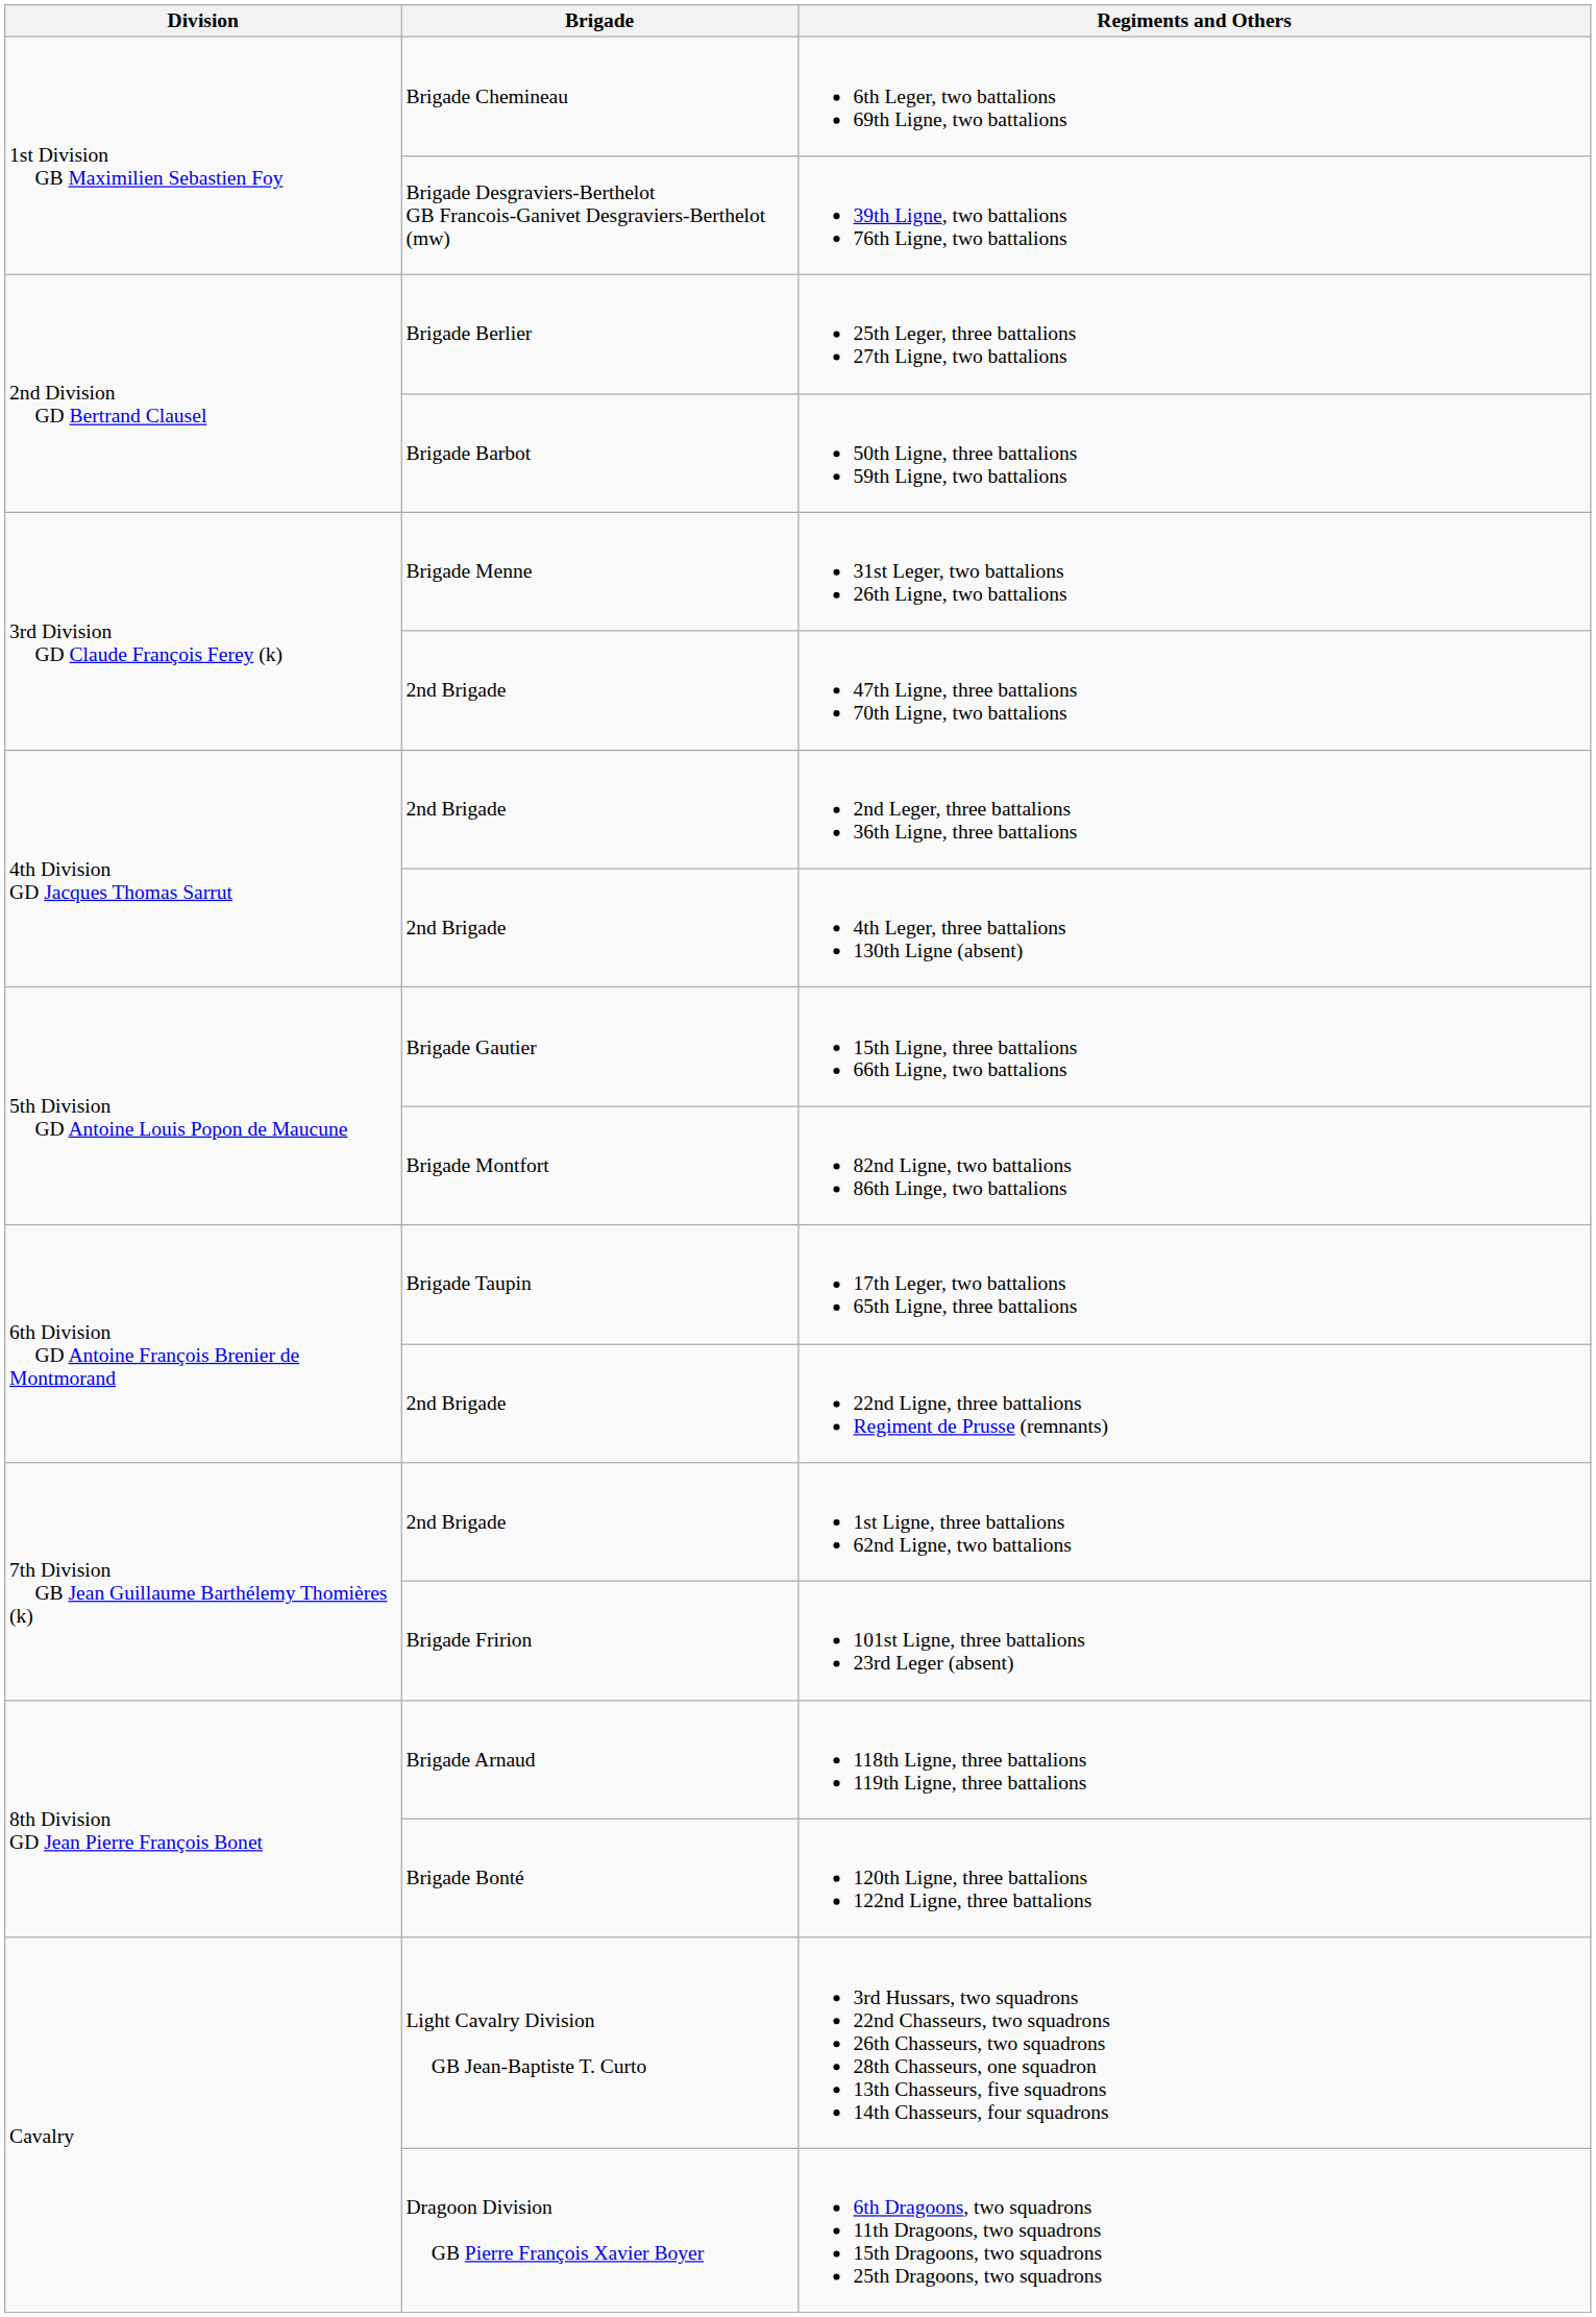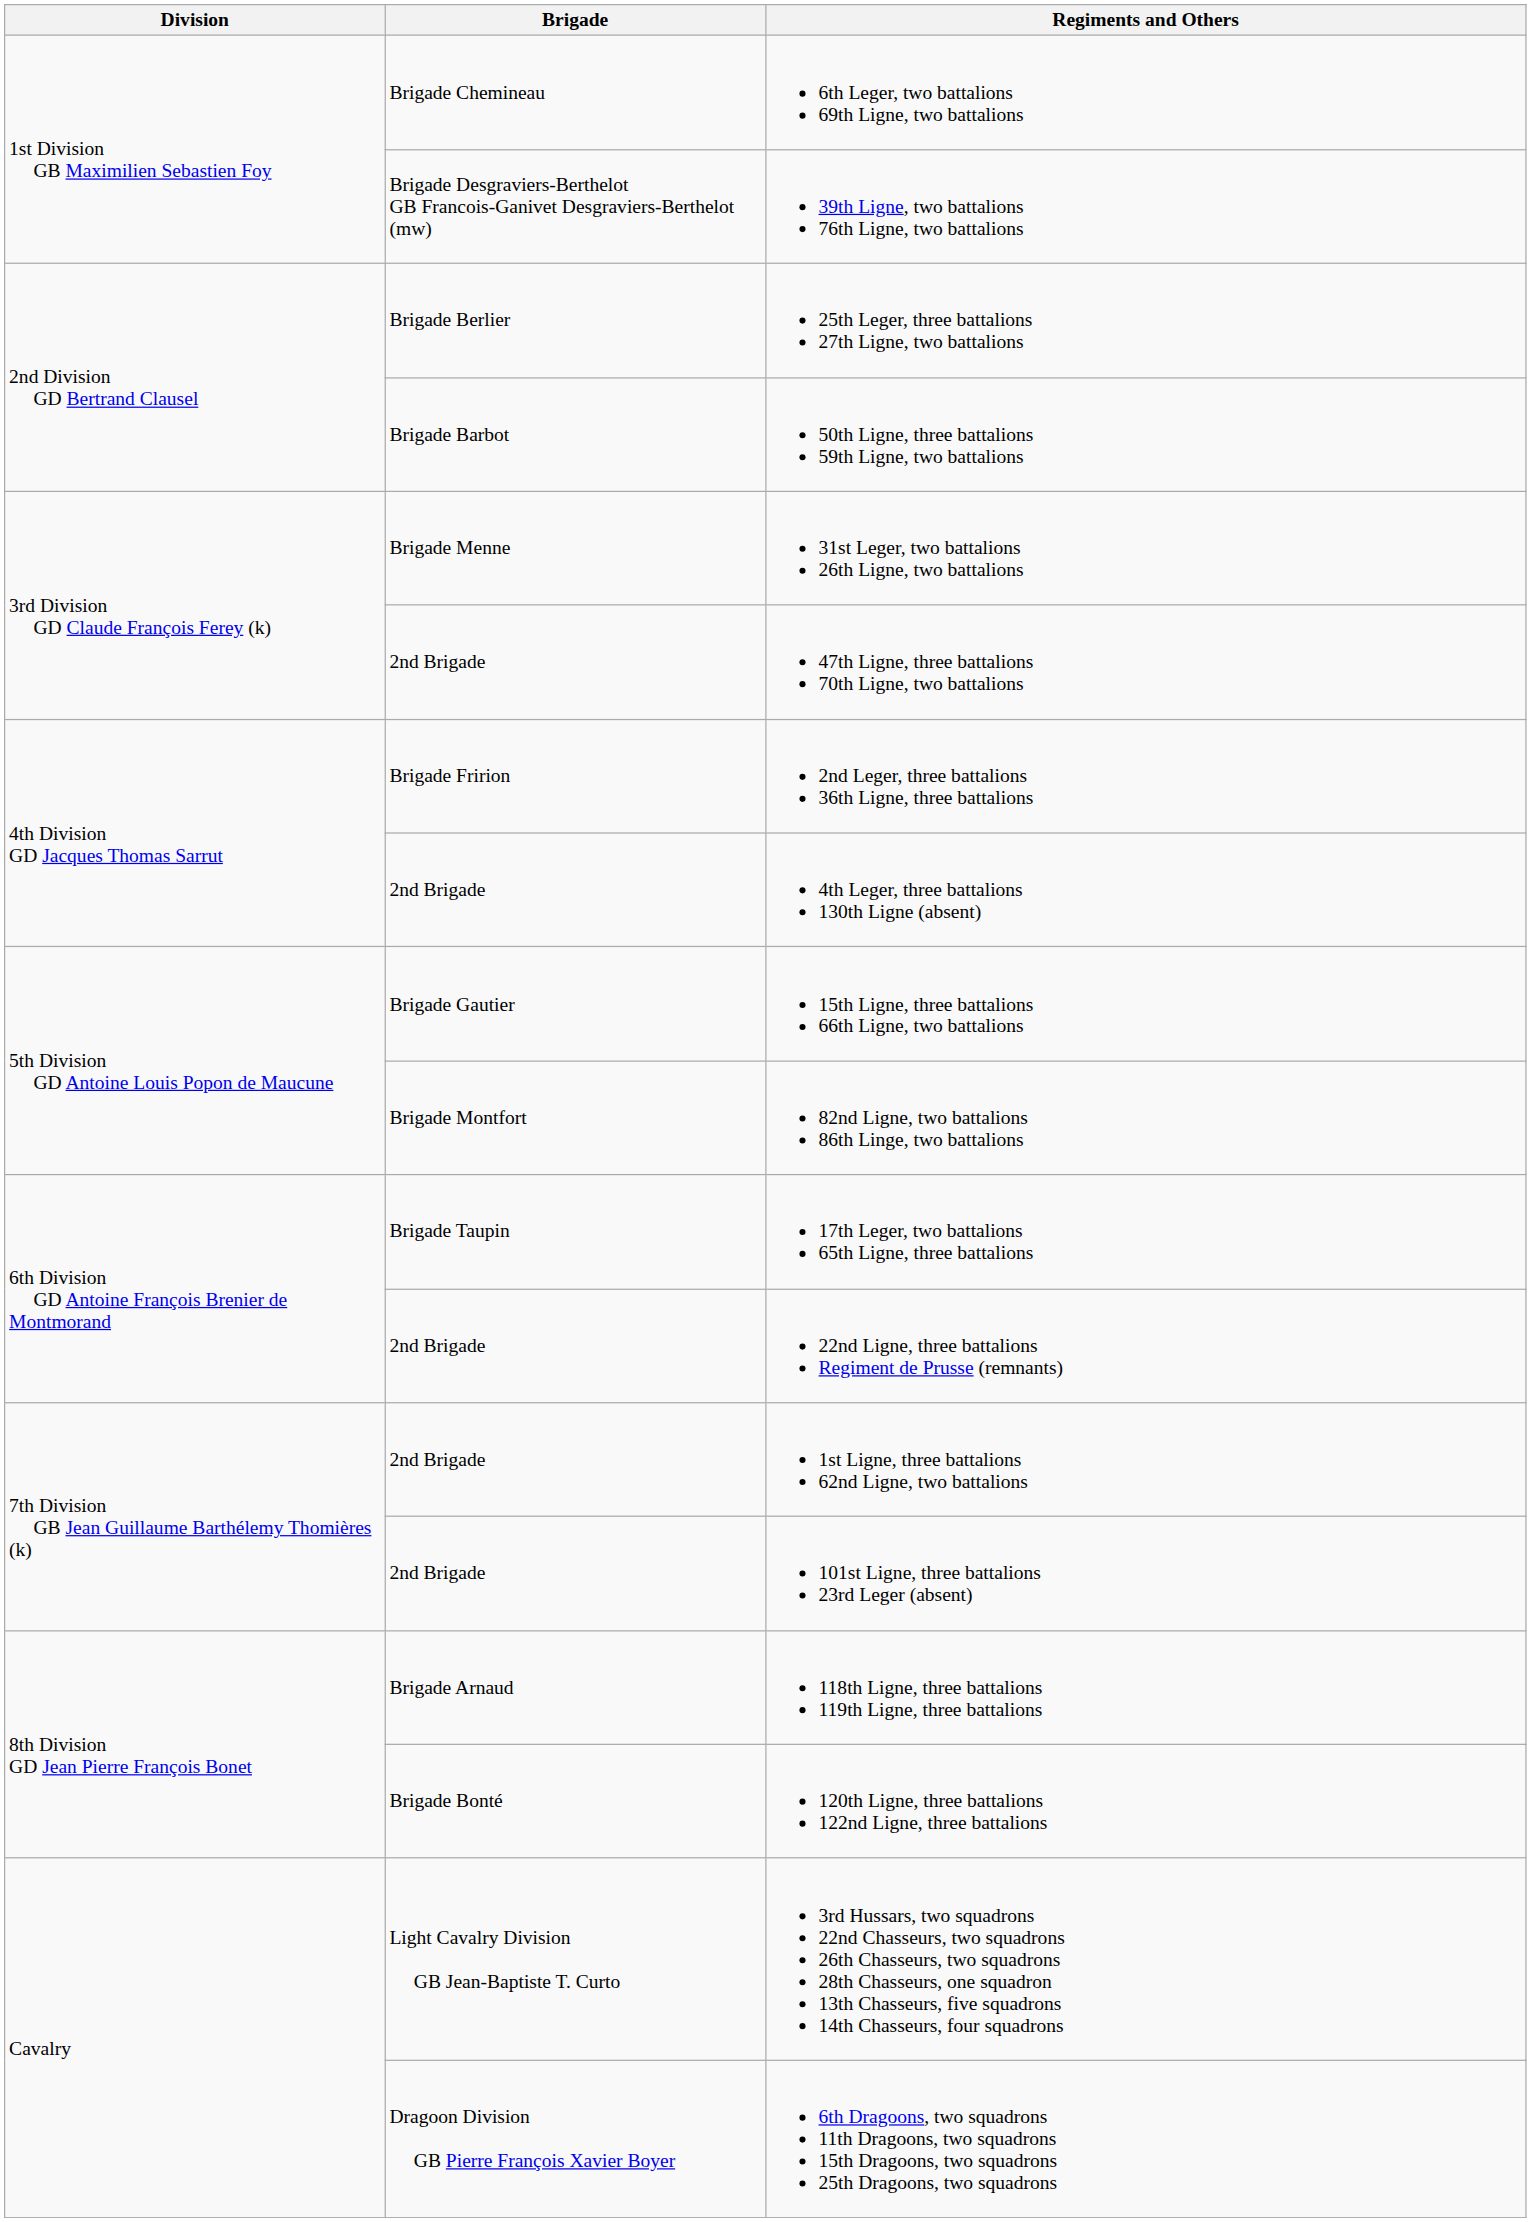 <table class="wikitable">
 <tr>
 <th style="width:25%;">Division</th>
 <th style="width:25%;">Brigade</th>
 <th>Regiments and Others</th>
 </tr>
 <tr>
 <td rowspan=2><br>1st Division <br>     GB <a href='#'>Maximilien Sebastien Foy</a></td>
 <td>Brigade Chemineau</td>
 <td><br><ul><li>6th Leger, two battalions</li><li>69th Ligne, two battalions</li></ul></td>
 </tr>
 <tr>
 <td>Brigade Desgraviers-Berthelot<br>GB Francois-Ganivet Desgraviers-Berthelot (mw)</td>
 <td><br><ul><li><a href='#'>39th Ligne</a>, two battalions</li><li>76th Ligne, two battalions</li></ul></td>
 </tr>
 <tr>
 <td rowspan=2><br>2nd Division <br>     GD <a href='#'>Bertrand Clausel</a></td>
 <td>Brigade Berlier</td>
 <td><br><ul><li>25th Leger, three battalions</li><li>27th Ligne, two battalions</li></ul></td>
 </tr>
 <tr>
 <td>Brigade Barbot</td>
 <td><br><ul><li>50th Ligne, three battalions</li><li>59th Ligne, two battalions</li></ul></td>
 </tr>
 <tr>
 <td rowspan=2><br>3rd Division <br>     GD <a href='#'>Claude François Ferey</a> (k)</td>
 <td>Brigade Menne</td>
 <td><br><ul><li>31st Leger, two battalions</li><li>26th Ligne, two battalions</li></ul></td>
 </tr>
 <tr>
 <td>2nd Brigade</td>
 <td><br><ul><li>47th Ligne, three battalions</li><li>70th Ligne, two battalions</li></ul></td>
 </tr>
 <tr>
 <td rowspan=2><br>4th Division<br> GD <a href='#'>Jacques Thomas Sarrut</a></td>
-<td>2nd Brigade</td>
+<td>Brigade Fririon</td>
 <td><br><ul><li>2nd Leger, three battalions</li><li>36th Ligne, three battalions</li></ul></td>
 </tr>
 <tr>
 <td>2nd Brigade</td>
 <td><br><ul><li>4th Leger, three battalions</li><li>130th Ligne (absent)</li></ul></td>
 </tr>
 <tr>
 <td rowspan=2><br>5th Division <br>     GD <a href='#'>Antoine Louis Popon de Maucune</a></td>
 <td>Brigade Gautier</td>
 <td><br><ul><li>15th Ligne, three battalions</li><li>66th Ligne, two battalions</li></ul></td>
 </tr>
 <tr>
 <td>Brigade Montfort</td>
 <td><br><ul><li>82nd Ligne, two battalions</li><li>86th Linge, two battalions</li></ul></td>
 </tr>
 <tr>
 <td rowspan=2><br>6th Division <br>     GD <a href='#'>Antoine François Brenier de Montmorand</a></td>
 <td>Brigade Taupin</td>
 <td><br><ul><li>17th Leger, two battalions</li><li>65th Ligne, three battalions</li></ul></td>
 </tr>
 <tr>
 <td>2nd Brigade</td>
 <td><br><ul><li>22nd Ligne, three battalions</li><li><a href='#'>Regiment de Prusse</a> (remnants)</li></ul></td>
 </tr>
 <tr>
 <td rowspan=2><br>7th Division <br>     GB <a href='#'>Jean Guillaume Barthélemy Thomières</a> (k)</td>
 <td>2nd Brigade</td>
 <td><br><ul><li>1st Ligne, three battalions</li><li>62nd Ligne, two battalions</li></ul></td>
 </tr>
 <tr>
-<td>Brigade Fririon</td>
+<td>2nd Brigade</td>
 <td><br><ul><li>101st Ligne, three battalions</li><li>23rd Leger (absent)</li></ul></td>
 </tr>
 <tr>
 <td rowspan=2><br>8th Division <br> GD <a href='#'>Jean Pierre François Bonet</a></td>
 <td>Brigade Arnaud</td>
 <td><br><ul><li>118th Ligne, three battalions</li><li>119th Ligne, three battalions</li></ul></td>
 </tr>
 <tr>
 <td>Brigade Bonté</td>
 <td><br><ul><li>120th Ligne, three battalions</li><li>122nd Ligne, three battalions</li></ul></td>
 </tr>
 <tr>
 <td rowspan=2><br>Cavalry</td>
 <td>Light Cavalry Division<br><br>     GB Jean-Baptiste T. Curto</td>
 <td><br><ul><li>3rd Hussars, two squadrons</li><li>22nd Chasseurs, two squadrons</li><li>26th Chasseurs, two squadrons</li><li>28th Chasseurs, one squadron</li><li>13th Chasseurs, five squadrons</li><li>14th Chasseurs, four squadrons</li></ul></td>
 </tr>
 <tr>
 <td>Dragoon Division<br><br>     GB <a href='#'>Pierre François Xavier Boyer</a></td>
 <td><br><ul><li><a href='#'>6th Dragoons</a>, two squadrons</li><li>11th Dragoons, two squadrons</li><li>15th Dragoons, two squadrons</li><li>25th Dragoons, two squadrons</li></ul></td>
 </tr>
 </table>
